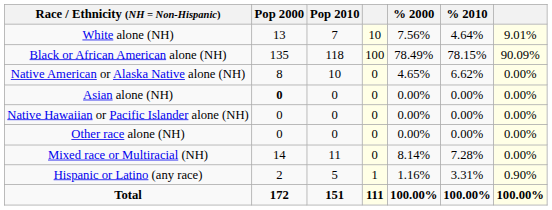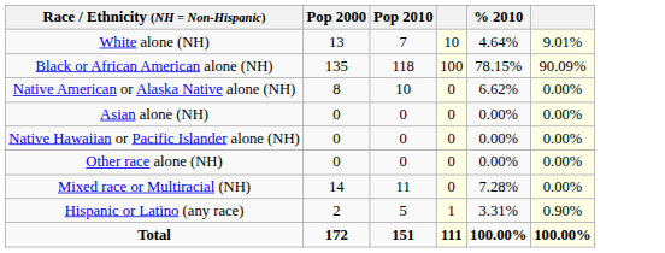 <table class="wikitable" style="text-align:center;">
 <tr>
 <th>Race / Ethnicity <small>(<em>NH = Non-Hispanic</em>)</small></th>
 <th>Pop 2000</th>
 <th>Pop 2010</th>
 <th></th>
-<th>% 2000</th>
 <th>% 2010</th>
 <th></th>
 </tr>
 <tr>
 <td><a href='#'>White</a> alone (NH)</td>
 <td>13</td>
 <td>7</td>
 <td style='background: #ffffe6;'>10</td>
-<td>7.56%</td>
 <td>4.64%</td>
 <td style='background: #ffffe6;'>9.01%</td>
 </tr>
 <tr>
 <td><a href='#'>Black or African American</a> alone (NH)</td>
 <td>135</td>
 <td>118</td>
 <td style='background: #ffffe6;'>100</td>
-<td>78.49%</td>
 <td>78.15%</td>
 <td style='background: #ffffe6;'>90.09%</td>
 </tr>
 <tr>
 <td><a href='#'>Native American</a> or <a href='#'>Alaska Native</a> alone (NH)</td>
 <td>8</td>
 <td>10</td>
 <td style='background: #ffffe6;'>0</td>
-<td>4.65%</td>
 <td>6.62%</td>
 <td style='background: #ffffe6;'>0.00%</td>
 </tr>
 <tr>
 <td><a href='#'>Asian</a> alone (NH)</td>
-<td><strong>0</strong></td>
+<td>0</td>
 <td>0</td>
 <td style='background: #ffffe6;'>0</td>
-<td>0.00%</td>
 <td>0.00%</td>
 <td style='background: #ffffe6;'>0.00%</td>
 </tr>
 <tr>
 <td><a href='#'>Native Hawaiian</a> or <a href='#'>Pacific Islander</a> alone (NH)</td>
 <td>0</td>
 <td>0</td>
 <td style='background: #ffffe6;'>0</td>
 <td>0.00%</td>
-<td>0.00%</td>
 <td style='background: #ffffe6;'>0.00%</td>
 </tr>
 <tr>
 <td><a href='#'>Other race</a> alone (NH)</td>
 <td>0</td>
 <td>0</td>
 <td style='background: #ffffe6;'>0</td>
 <td>0.00%</td>
-<td>0.00%</td>
 <td style='background: #ffffe6;'>0.00%</td>
 </tr>
 <tr>
 <td><a href='#'>Mixed race or Multiracial</a> (NH)</td>
 <td>14</td>
 <td>11</td>
 <td style='background: #ffffe6;'>0</td>
-<td>8.14%</td>
 <td>7.28%</td>
 <td style='background: #ffffe6;'>0.00%</td>
 </tr>
 <tr>
 <td><a href='#'>Hispanic or Latino</a> (any race)</td>
 <td>2</td>
 <td>5</td>
 <td style='background: #ffffe6;'>1</td>
-<td>1.16%</td>
 <td>3.31%</td>
 <td style='background: #ffffe6;'>0.90%</td>
 </tr>
 <tr>
 <td><strong>Total</strong></td>
 <td><strong>172</strong></td>
 <td><strong>151</strong></td>
 <td style='background: #ffffe6;'><strong>111</strong></td>
 <td><strong>100.00%</strong></td>
-<td><strong>100.00%</strong></td>
 <td style='background: #ffffe6;'><strong>100.00%</strong></td>
 </tr>
 </table>
